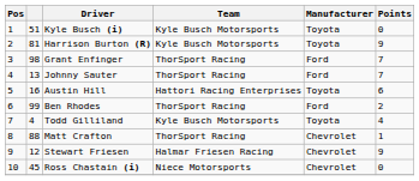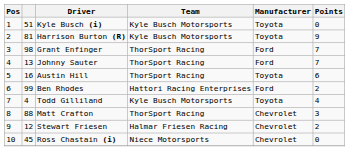 <table class="wikitable" style="font-size:98%">
 <tr>
 <th>Pos</th>
 <th></th>
 <th>Driver</th>
 <th>Team</th>
 <th>Manufacturer</th>
 <th>Points</th>
 </tr>
 <tr>
 <td>1</td>
 <td>51</td>
 <td>Kyle Busch <strong>(i)</strong></td>
 <td>Kyle Busch Motorsports</td>
 <td>Toyota</td>
 <td>0</td>
 </tr>
 <tr>
 <td>2</td>
 <td>81</td>
 <td>Harrison Burton <strong>(R)</strong></td>
 <td>Kyle Busch Motorsports</td>
 <td>Toyota</td>
 <td>9</td>
 </tr>
 <tr>
 <td>3</td>
 <td>98</td>
 <td>Grant Enfinger</td>
 <td>ThorSport Racing</td>
 <td>Ford</td>
 <td>7</td>
 </tr>
 <tr>
 <td>4</td>
 <td>13</td>
 <td>Johnny Sauter</td>
 <td>ThorSport Racing</td>
 <td>Ford</td>
 <td>7</td>
 </tr>
 <tr>
 <td>5</td>
 <td>16</td>
 <td>Austin Hill</td>
-<td>Hattori Racing Enterprises</td>
+<td>ThorSport Racing</td>
 <td>Toyota</td>
 <td>6</td>
 </tr>
 <tr>
 <td>6</td>
 <td>99</td>
 <td>Ben Rhodes</td>
-<td>ThorSport Racing</td>
+<td>Hattori Racing Enterprises</td>
 <td>Ford</td>
 <td>2</td>
 </tr>
 <tr>
 <td>7</td>
 <td>4</td>
 <td>Todd Gilliland</td>
 <td>Kyle Busch Motorsports</td>
 <td>Toyota</td>
 <td>4</td>
 </tr>
 <tr>
 <td>8</td>
 <td>88</td>
 <td>Matt Crafton</td>
 <td>ThorSport Racing</td>
 <td>Chevrolet</td>
-<td>1</td>
+<td>3</td>
 </tr>
 <tr>
 <td>9</td>
 <td>12</td>
 <td>Stewart Friesen</td>
 <td>Halmar Friesen Racing</td>
 <td>Chevrolet</td>
-<td>9</td>
+<td>2</td>
 </tr>
 <tr>
 <td>10</td>
 <td>45</td>
 <td>Ross Chastain <strong>(i)</strong></td>
 <td>Niece Motorsports</td>
 <td>Chevrolet</td>
 <td>0</td>
 </tr>
 <tr>
 </tr>
 </table>
